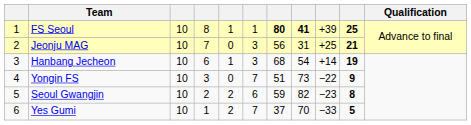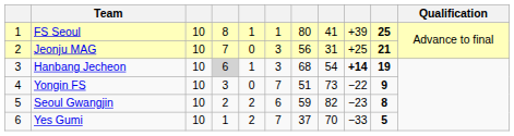 <table class="wikitable" style="text-align: center;">
 <tr>
 <th width=30></th>
 <th width=210>Team</th>
 <th width=30></th>
 <th width=30></th>
 <th width=30></th>
 <th width=30></th>
 <th width=30></th>
 <th width=30></th>
 <th width=30></th>
 <th width=30></th>
 <th width=150>Qualification</th>
 </tr>
 <tr style="background:#ffffbb">
 <td>1</td>
 <td style="text-align:left;"><a href='#'>FS Seoul</a></td>
 <td>10</td>
 <td>8</td>
 <td>1</td>
 <td>1</td>
-<td><strong>80</strong></td>
-<td><strong>41</strong></td>
+<td>80</td>
+<td>41</td>
 <td>+39</td>
 <td><strong>25</strong></td>
 <td rowspan=2>Advance to final</td>
 </tr>
 <tr style="background:#ffffbb">
 <td>2</td>
 <td style="text-align:left;"><a href='#'>Jeonju MAG</a></td>
 <td>10</td>
 <td>7</td>
 <td>0</td>
 <td>3</td>
 <td>56</td>
 <td>31</td>
 <td>+25</td>
 <td><strong>21</strong></td>
 </tr>
 <tr>
 <td>3</td>
 <td style="text-align:left;"><a href='#'>Hanbang Jecheon</a></td>
 <td>10</td>
-<td>6</td>
+<td style="background: lightgrey;">6</td>
 <td>1</td>
 <td>3</td>
 <td>68</td>
 <td>54</td>
-<td>+14</td>
+<td><strong>+14</strong></td>
 <td><strong>19</strong></td>
 </tr>
 <tr>
 <td>4</td>
 <td style="text-align:left;"><a href='#'>Yongin FS</a></td>
 <td>10</td>
 <td>3</td>
 <td>0</td>
 <td>7</td>
 <td>51</td>
 <td>73</td>
 <td>−22</td>
 <td><strong>9</strong></td>
 </tr>
 <tr>
 <td>5</td>
 <td style="text-align:left;"><a href='#'>Seoul Gwangjin</a></td>
 <td>10</td>
 <td>2</td>
 <td>2</td>
 <td>6</td>
 <td>59</td>
 <td>82</td>
 <td>−23</td>
 <td><strong>8</strong></td>
 </tr>
 <tr>
 <td>6</td>
 <td style="text-align:left;"><a href='#'>Yes Gumi</a></td>
 <td>10</td>
 <td>1</td>
 <td>2</td>
 <td>7</td>
 <td>37</td>
 <td>70</td>
 <td>−33</td>
 <td><strong>5</strong></td>
 </tr>
 </table>
